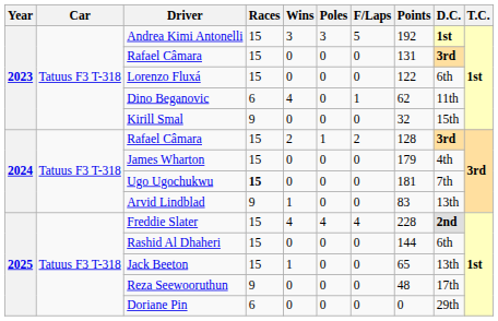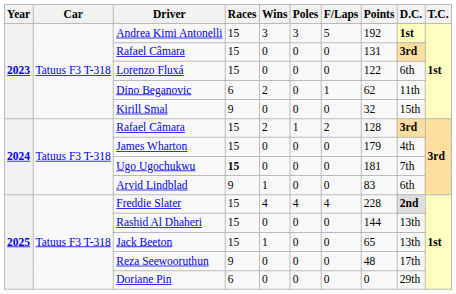 <table class="wikitable" style="font-size: 90%;">
 <tr>
 <th>Year</th>
 <th>Car</th>
 <th>Driver</th>
 <th>Races</th>
 <th>Wins</th>
 <th>Poles</th>
 <th>F/Laps</th>
 <th>Points</th>
 <th>D.C.</th>
 <th>T.C.</th>
 </tr>
 <tr>
 <th rowspan="5"><a href='#'>2023</a></th>
 <td rowspan="5"><a href='#'>Tatuus F3 T-318</a></td>
 <td> <a href='#'>Andrea Kimi Antonelli</a></td>
 <td>15</td>
 <td>3</td>
 <td>3</td>
 <td>5</td>
 <td>192</td>
 <td style="background:#FFFFBF;"><strong>1st</strong></td>
 <td rowspan="5" style="background:#FFFFBF;"><strong>1st</strong></td>
 </tr>
 <tr>
 <td> <a href='#'>Rafael Câmara</a></td>
 <td>15</td>
 <td>0</td>
 <td>0</td>
 <td>0</td>
 <td>131</td>
 <td style="background:#FFDF9F;"><strong>3rd</strong></td>
 </tr>
 <tr>
 <td> <a href='#'>Lorenzo Fluxá</a></td>
 <td>15</td>
 <td>0</td>
 <td>0</td>
 <td>0</td>
 <td>122</td>
 <td>6th</td>
 </tr>
 <tr>
 <td> <a href='#'>Dino Beganovic</a></td>
 <td>6</td>
-<td>4</td>
+<td>2</td>
 <td>0</td>
 <td>1</td>
 <td>62</td>
 <td>11th</td>
 </tr>
 <tr>
 <td> <a href='#'>Kirill Smal</a></td>
 <td>9</td>
 <td>0</td>
 <td>0</td>
 <td>0</td>
 <td>32</td>
 <td>15th</td>
 </tr>
 <tr>
 <th rowspan="4"><a href='#'>2024</a></th>
 <td rowspan="4"><a href='#'>Tatuus F3 T-318</a></td>
 <td> <a href='#'>Rafael Câmara</a></td>
 <td>15</td>
 <td>2</td>
 <td>1</td>
 <td>2</td>
 <td>128</td>
 <td style="background:#FFDF9F;"><strong>3rd</strong></td>
 <td rowspan="4" style="background:#FFDF9F;"><strong>3rd</strong></td>
 </tr>
 <tr>
 <td> <a href='#'>James Wharton</a></td>
 <td>15</td>
 <td>0</td>
 <td>0</td>
 <td>0</td>
 <td>179</td>
 <td>4th</td>
 </tr>
 <tr>
 <td> <a href='#'>Ugo Ugochukwu</a></td>
 <td><strong>15</strong></td>
 <td>0</td>
 <td>0</td>
 <td>0</td>
 <td>181</td>
 <td>7th</td>
 </tr>
 <tr>
 <td> <a href='#'>Arvid Lindblad</a></td>
 <td>9</td>
 <td>1</td>
 <td>0</td>
 <td>0</td>
 <td>83</td>
-<td>13th</td>
+<td>6th</td>
 </tr>
 <tr>
 <th rowspan="5"><a href='#'>2025</a></th>
 <td rowspan="5"><a href='#'>Tatuus F3 T-318</a></td>
 <td> <a href='#'>Freddie Slater</a></td>
 <td>15</td>
 <td>4</td>
 <td>4</td>
 <td>4</td>
 <td>228</td>
 <td style="background:#DFDFDF;"><strong>2nd</strong></td>
 <td rowspan="5" style="background:#FFFFBF;"><strong>1st</strong></td>
 </tr>
 <tr>
 <td> <a href='#'>Rashid Al Dhaheri</a></td>
 <td>15</td>
 <td>0</td>
 <td>0</td>
 <td>0</td>
 <td>144</td>
-<td>6th</td>
+<td>13th</td>
 </tr>
 <tr>
 <td> <a href='#'>Jack Beeton</a></td>
 <td>15</td>
 <td>1</td>
 <td>0</td>
 <td>0</td>
 <td>65</td>
 <td>13th</td>
 </tr>
 <tr>
 <td> <a href='#'>Reza Seewooruthun</a></td>
 <td>9</td>
 <td>0</td>
 <td>0</td>
 <td>0</td>
 <td>48</td>
 <td>17th</td>
 </tr>
 <tr>
 <td> <a href='#'>Doriane Pin</a></td>
 <td>6</td>
 <td>0</td>
 <td>0</td>
 <td>0</td>
 <td>0</td>
 <td>29th</td>
 </tr>
 </table>
